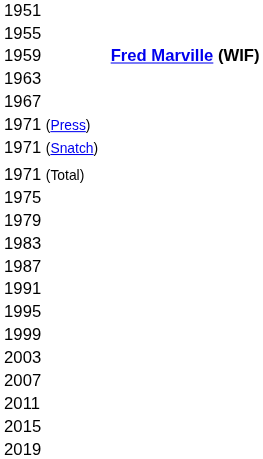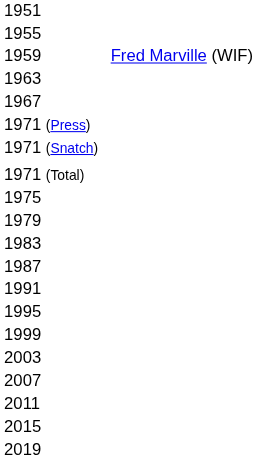 <table>
 <tr>
 <td>1951</td>
 <td></td>
 <td></td>
 <td></td>
 </tr>
 <tr>
 <td>1955</td>
 <td></td>
 <td></td>
 <td></td>
 </tr>
 <tr>
 <td>1959</td>
 <td></td>
 <td></td>
-<td><strong> <a href='#'>Fred Marville</a> (WIF)</strong></td>
+<td> <a href='#'>Fred Marville</a> (WIF)</td>
 </tr>
 <tr>
 <td>1963</td>
 <td></td>
 <td></td>
 <td></td>
 </tr>
 <tr>
 <td>1967</td>
 <td></td>
 <td></td>
 <td></td>
 </tr>
 <tr>
 <td>1971 <small>(<a href='#'>Press</a>)</small></td>
 <td></td>
 <td></td>
 <td></td>
 </tr>
 <tr>
 <td>1971 <small>(<a href='#'>Snatch</a>)</small></td>
 <td></td>
 <td></td>
 <td></td>
 </tr>
 <tr>
 <td></td>
 <td></td>
 <td></td>
 <td></td>
 </tr>
 <tr>
 <td>1971 <small>(Total)</small></td>
 <td></td>
 <td></td>
 <td></td>
 </tr>
 <tr>
 <td>1975</td>
 <td></td>
 <td></td>
 <td></td>
 </tr>
 <tr>
 <td>1979</td>
 <td></td>
 <td></td>
 <td></td>
 </tr>
 <tr>
 <td>1983</td>
 <td></td>
 <td></td>
 <td></td>
 </tr>
 <tr>
 <td>1987</td>
 <td></td>
 <td></td>
 <td></td>
 </tr>
 <tr>
 <td>1991</td>
 <td></td>
 <td></td>
 <td></td>
 </tr>
 <tr>
 <td>1995</td>
 <td></td>
 <td></td>
 <td></td>
 </tr>
 <tr>
 <td>1999</td>
 <td></td>
 <td></td>
 <td></td>
 </tr>
 <tr>
 <td>2003</td>
 <td></td>
 <td></td>
 <td></td>
 </tr>
 <tr>
 <td>2007</td>
 <td align="left"></td>
 <td align="left"></td>
 <td align="left"></td>
 </tr>
 <tr>
 <td>2011<br></td>
 <td></td>
 <td></td>
 <td></td>
 </tr>
 <tr>
 <td>2015<br></td>
 <td></td>
 <td></td>
 <td></td>
 </tr>
 <tr>
 <td>2019<br></td>
 <td></td>
 <td></td>
 <td></td>
 </tr>
 </table>
